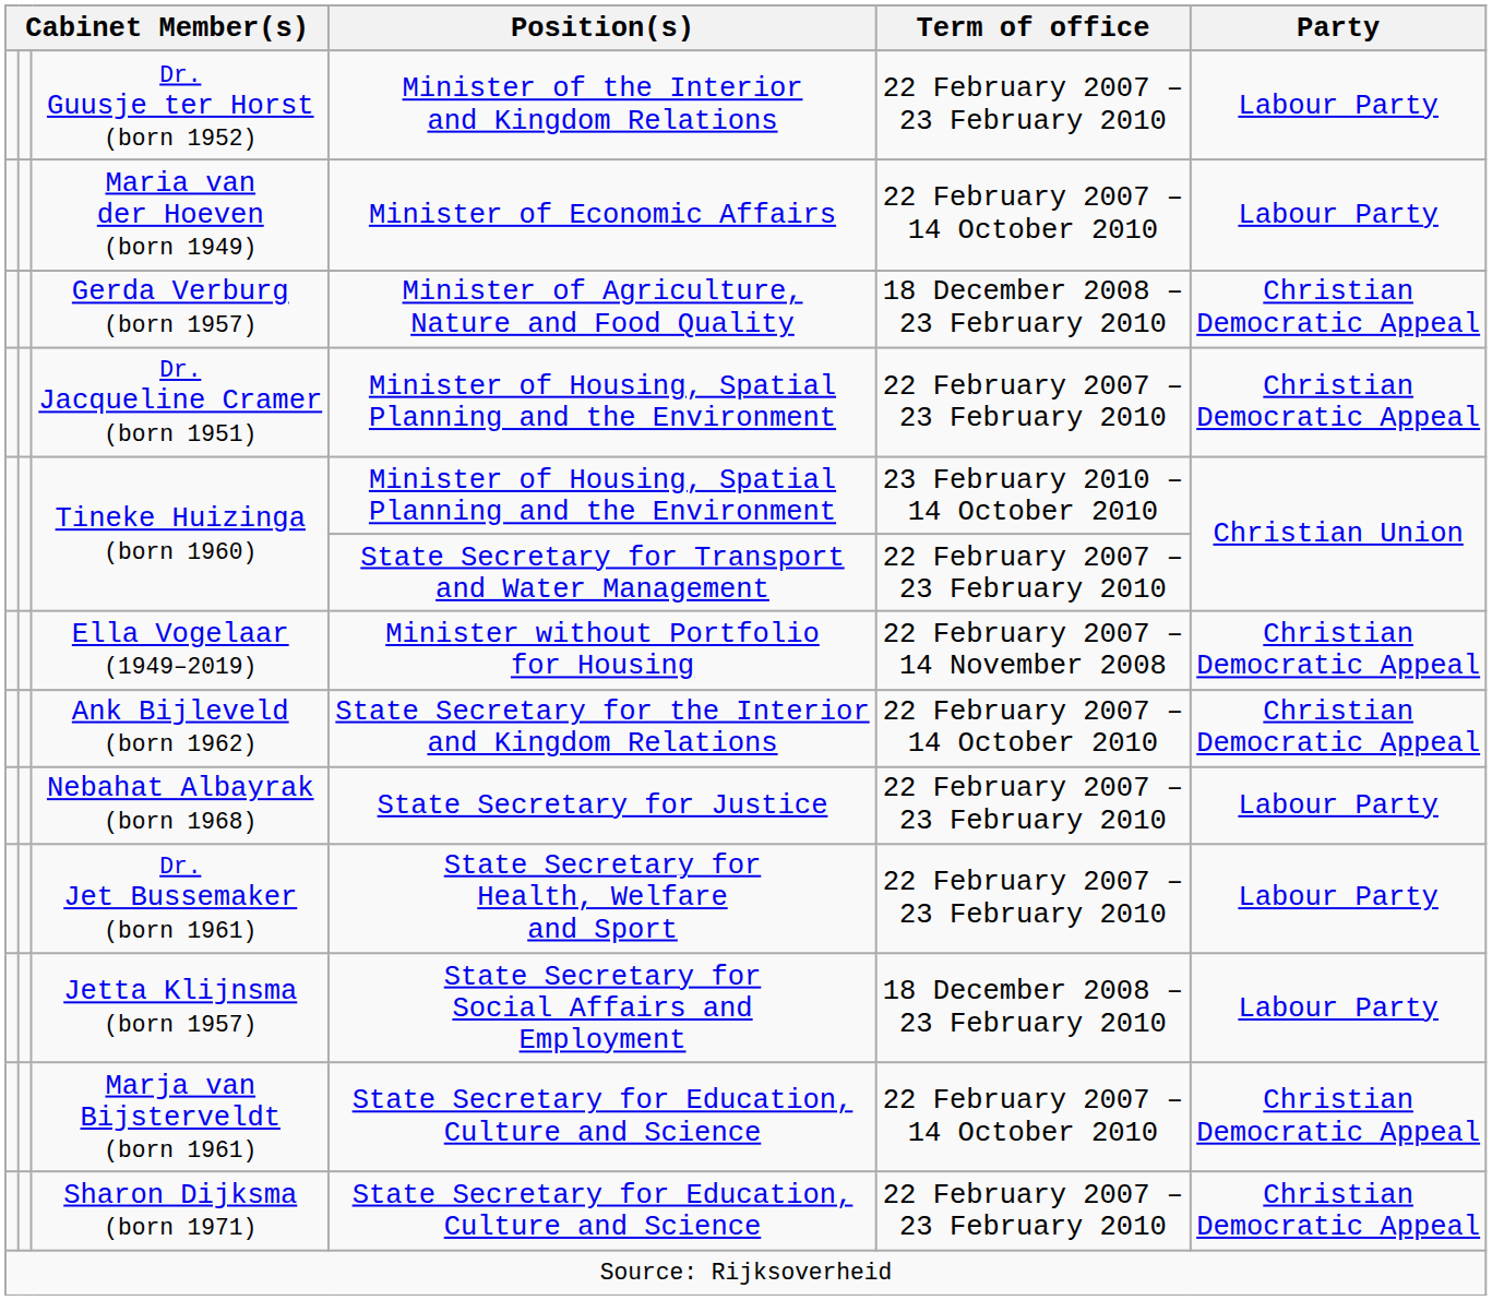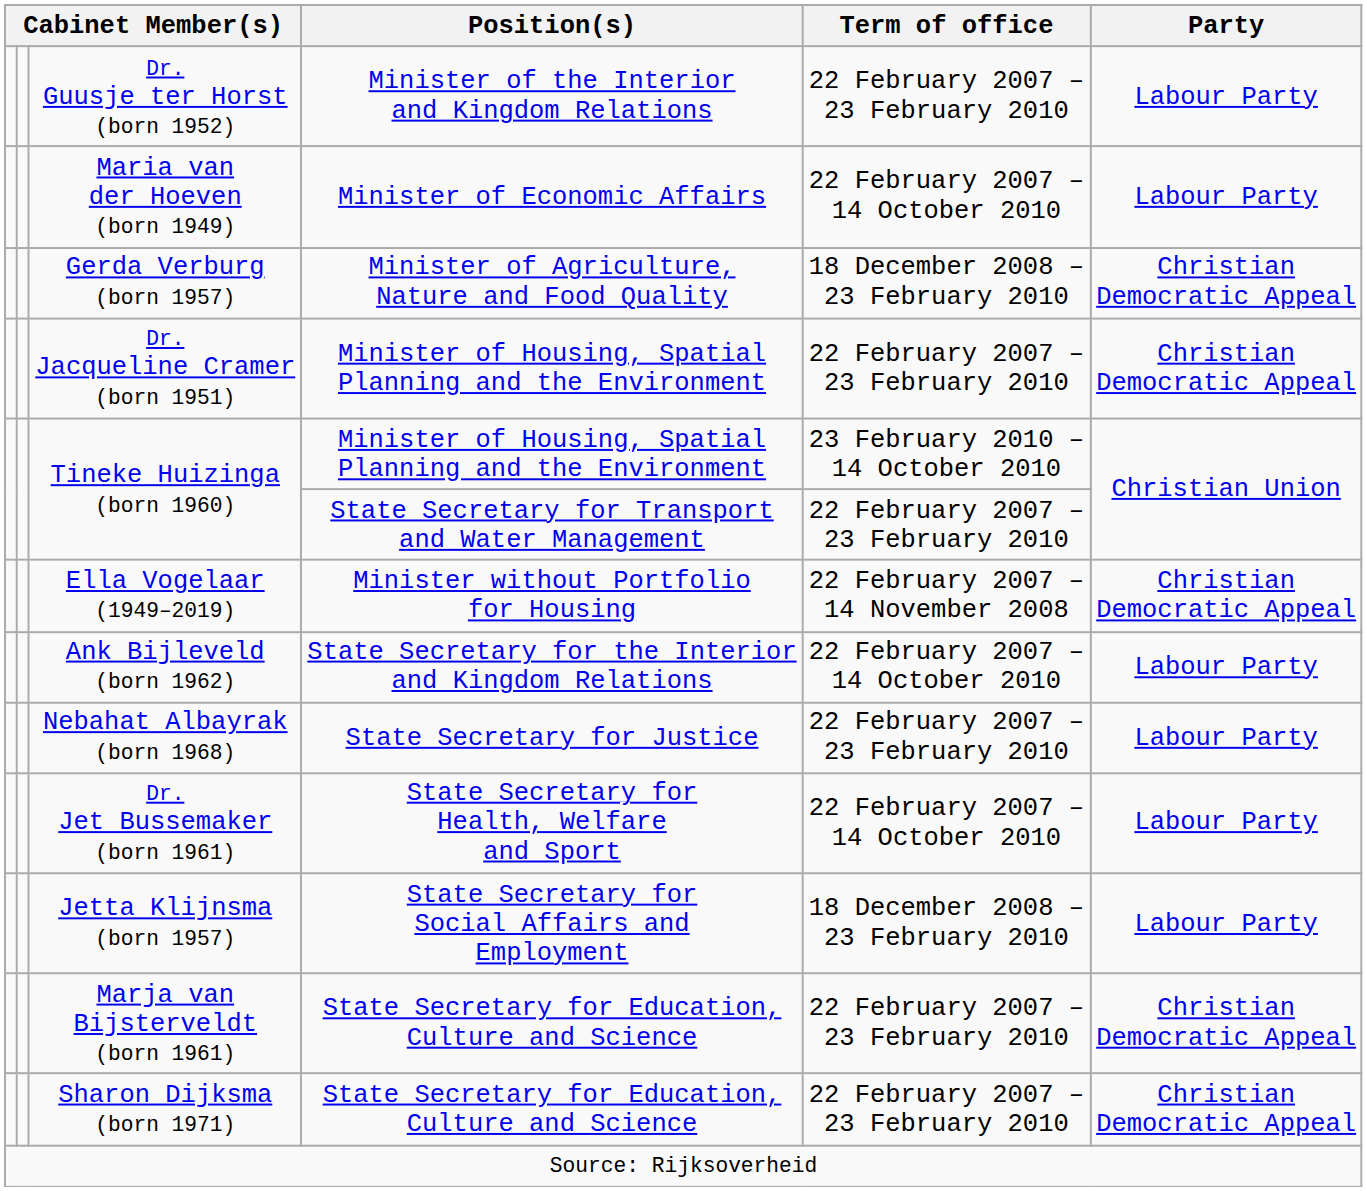 <table class="wikitable" style="text-align:center">
 <tr>
 <th colspan=3>Cabinet Member(s)</th>
 <th>Position(s)</th>
 <th>Term of office</th>
 <th>Party</th>
 </tr>
 <tr>
 <td style="background:"></td>
 <td></td>
 <td><small><a href='#'>Dr.</a></small> <br> <a href='#'>Guusje ter Horst</a> <br> <small>(born 1952)</small></td>
 <td><a href='#'>Minister of the Interior <br> and Kingdom Relations</a></td>
 <td>22 February 2007 – <br> 23 February 2010</td>
 <td><a href='#'>Labour Party</a></td>
 </tr>
 <tr>
 <td style="background:"></td>
 <td></td>
 <td><a href='#'>Maria van <br> der Hoeven</a> <br> <small>(born 1949)</small></td>
 <td><a href='#'>Minister of Economic Affairs</a></td>
 <td>22 February 2007 – <br> 14 October 2010</td>
 <td><a href='#'>Labour Party</a></td>
 </tr>
 <tr>
 <td style="background:"></td>
 <td></td>
 <td><a href='#'>Gerda Verburg</a> <br> <small>(born 1957)</small></td>
 <td><a href='#'>Minister of Agriculture, <br> Nature and Food Quality</a></td>
 <td>18 December 2008 – <br> 23 February 2010</td>
 <td><a href='#'>Christian <br> Democratic Appeal</a></td>
 </tr>
 <tr>
 <td style="background:"></td>
 <td></td>
 <td><small><a href='#'>Dr.</a></small> <br> <a href='#'>Jacqueline Cramer</a> <br> <small>(born 1951)</small></td>
 <td><a href='#'>Minister of Housing, Spatial <br> Planning and the Environment</a></td>
 <td>22 February 2007 – <br> 23 February 2010</td>
 <td><a href='#'>Christian <br> Democratic Appeal</a></td>
 </tr>
 <tr>
 <td rowspan=2 style="background:"></td>
 <td rowspan=2></td>
 <td rowspan=2><a href='#'>Tineke Huizinga</a> <br> <small>(born 1960)</small></td>
 <td><a href='#'>Minister of Housing, Spatial <br> Planning and the Environment</a></td>
 <td>23 February 2010 – <br> 14 October 2010</td>
 <td rowspan=2><a href='#'>Christian Union</a></td>
 </tr>
 <tr>
 <td><a href='#'>State Secretary for Transport <br> and Water Management</a></td>
 <td>22 February 2007 – <br> 23 February 2010</td>
 </tr>
 <tr>
 <td style="background:"></td>
 <td></td>
 <td><a href='#'>Ella Vogelaar</a> <br> <small>(1949–2019)</small></td>
 <td><a href='#'>Minister without Portfolio <br> for Housing</a></td>
 <td>22 February 2007 – <br> 14 November 2008</td>
 <td><a href='#'>Christian <br> Democratic Appeal</a></td>
 </tr>
 <tr>
 <td style="background:"></td>
 <td></td>
 <td><a href='#'>Ank Bijleveld</a> <br> <small>(born 1962)</small></td>
 <td><a href='#'>State Secretary for the Interior <br> and Kingdom Relations</a></td>
 <td>22 February 2007 – <br> 14 October 2010</td>
-<td><a href='#'>Christian <br> Democratic Appeal</a></td>
+<td><a href='#'>Labour Party</a></td>
 </tr>
 <tr>
 <td style="background:"></td>
 <td></td>
 <td><a href='#'>Nebahat Albayrak</a> <br> <small>(born 1968)</small></td>
 <td><a href='#'>State Secretary for Justice</a></td>
 <td>22 February 2007 – <br> 23 February 2010</td>
 <td><a href='#'>Labour Party</a></td>
 </tr>
 <tr>
 <td style="background:"></td>
 <td></td>
 <td><small><a href='#'>Dr.</a></small> <br> <a href='#'>Jet Bussemaker</a> <br> <small>(born 1961)</small></td>
 <td><a href='#'>State Secretary for <br> Health, Welfare <br> and Sport</a></td>
-<td>22 February 2007 – <br> 23 February 2010</td>
+<td>22 February 2007 – <br> 14 October 2010</td>
 <td><a href='#'>Labour Party</a></td>
 </tr>
 <tr>
 <td style="background:"></td>
 <td></td>
 <td><a href='#'>Jetta Klijnsma</a> <br> <small>(born 1957)</small></td>
 <td><a href='#'>State Secretary for <br> Social Affairs and <br> Employment</a></td>
 <td>18 December 2008 – <br> 23 February 2010</td>
 <td><a href='#'>Labour Party</a></td>
 </tr>
 <tr>
 <td style="background:"></td>
 <td></td>
 <td><a href='#'>Marja van <br> Bijsterveldt</a> <br> <small>(born 1961)</small></td>
 <td><a href='#'>State Secretary for Education, <br> Culture and Science</a></td>
-<td>22 February 2007 – <br> 14 October 2010</td>
+<td>22 February 2007 – <br> 23 February 2010</td>
 <td><a href='#'>Christian <br> Democratic Appeal</a></td>
 </tr>
 <tr>
 <td style="background:"></td>
 <td></td>
 <td><a href='#'>Sharon Dijksma</a> <br> <small>(born 1971)</small></td>
 <td><a href='#'>State Secretary for Education, <br> Culture and Science</a></td>
 <td>22 February 2007 – <br> 23 February 2010</td>
 <td><a href='#'>Christian <br> Democratic Appeal</a></td>
 </tr>
 <tr>
 <td colspan=9><small>Source:   Rijksoverheid</small></td>
 </tr>
 </table>
